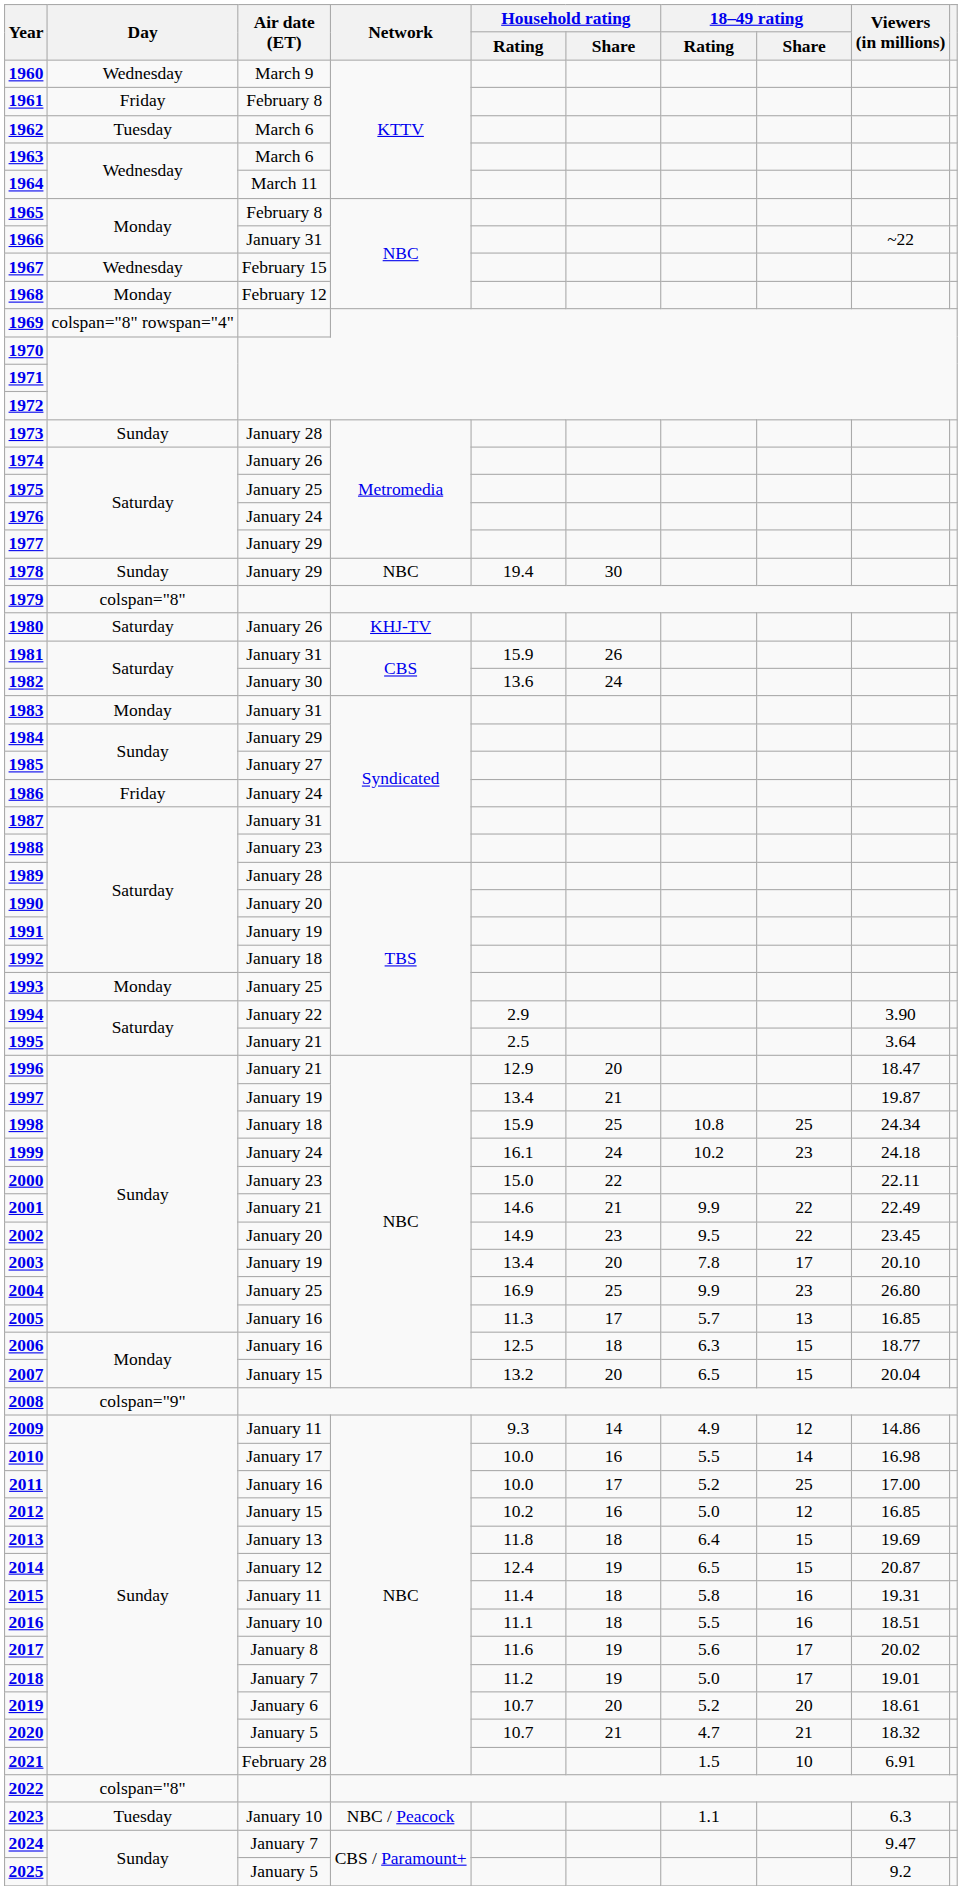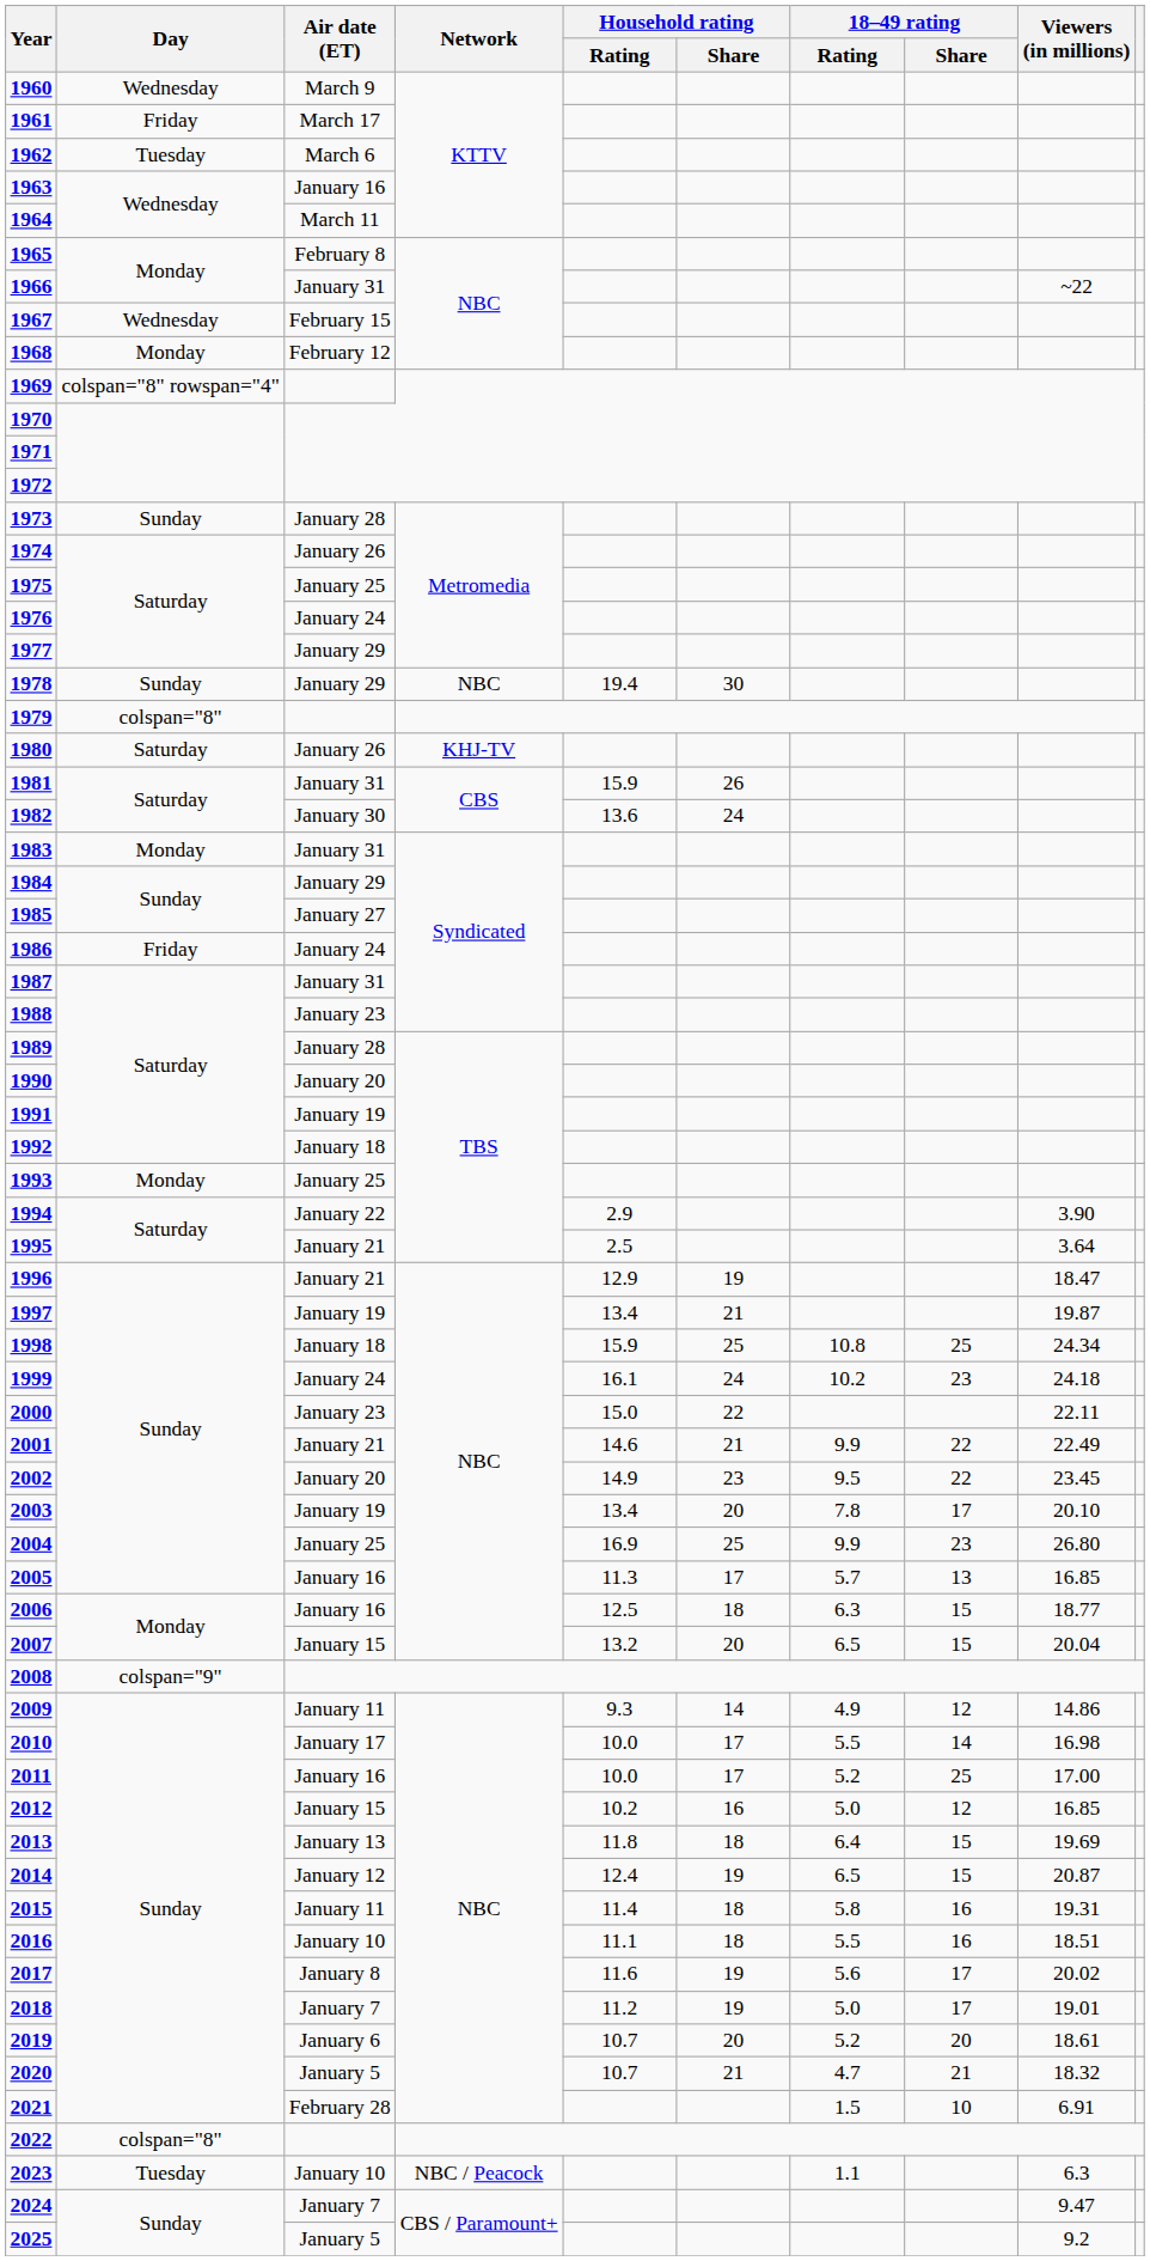 <table class="wikitable sortable" style="text-align: center;">
 <tr>
 <th rowspan="2">Year</th>
 <th rowspan="2">Day</th>
 <th rowspan="2">Air date<br>(ET)</th>
 <th rowspan="2">Network</th>
 <th style="width:20%" colspan="2"><a href='#'>Household rating</a></th>
 <th style="width:20%" colspan="2"><a href='#'>18–49 rating</a></th>
 <th rowspan="2">Viewers<br>(in millions)</th>
 <th rowspan="2"></th>
 </tr>
 <tr>
 <th style="width:10%">Rating</th>
 <th style="width:10%">Share</th>
 <th style="width:10%">Rating</th>
 <th style="width:10%">Share</th>
 </tr>
 <tr>
 <td><strong><a href='#'>1960</a></strong></td>
 <td>Wednesday</td>
 <td>March 9</td>
 <td rowspan="5"><a href='#'>KTTV</a></td>
 <td></td>
 <td></td>
 <td></td>
 <td></td>
 <td></td>
 <td></td>
 </tr>
 <tr>
 <td><strong><a href='#'>1961</a></strong></td>
 <td>Friday</td>
-<td>February 8</td>
+<td>March 17</td>
 <td></td>
 <td></td>
 <td></td>
 <td></td>
 <td></td>
 <td></td>
 </tr>
 <tr>
 <td><strong><a href='#'>1962</a></strong></td>
 <td>Tuesday</td>
 <td>March 6</td>
 <td></td>
 <td></td>
 <td></td>
 <td></td>
 <td></td>
 <td></td>
 </tr>
 <tr>
 <td><strong><a href='#'>1963</a></strong></td>
 <td rowspan="2">Wednesday</td>
-<td>March 6</td>
+<td>January 16</td>
 <td></td>
 <td></td>
 <td></td>
 <td></td>
 <td></td>
 <td></td>
 </tr>
 <tr>
 <td><strong><a href='#'>1964</a></strong></td>
 <td>March 11</td>
 <td></td>
 <td></td>
 <td></td>
 <td></td>
 <td></td>
 <td></td>
 </tr>
 <tr>
 <td><strong><a href='#'>1965</a></strong></td>
 <td rowspan="2">Monday</td>
 <td>February 8</td>
 <td rowspan="4"><a href='#'>NBC</a></td>
 <td></td>
 <td></td>
 <td></td>
 <td></td>
 <td></td>
 <td></td>
 </tr>
 <tr>
 <td><strong><a href='#'>1966</a></strong></td>
 <td>January 31</td>
 <td></td>
 <td></td>
 <td></td>
 <td></td>
 <td>~22</td>
 <td></td>
 </tr>
 <tr>
 <td><strong><a href='#'>1967</a></strong></td>
 <td>Wednesday</td>
 <td>February 15</td>
 <td></td>
 <td></td>
 <td></td>
 <td></td>
 <td></td>
 <td></td>
 </tr>
 <tr>
 <td><strong><a href='#'>1968</a></strong></td>
 <td>Monday</td>
 <td>February 12</td>
 <td></td>
 <td></td>
 <td></td>
 <td></td>
 <td></td>
 <td></td>
 </tr>
 <tr>
 <td><strong><a href='#'>1969</a></strong></td>
 <td>colspan="8" rowspan="4" </td>
 <td></td>
 </tr>
 <tr>
 <td><strong><a href='#'>1970</a></strong></td>
 <td rowspan="3"></td>
 </tr>
 <tr>
 <td><strong><a href='#'>1971</a></strong></td>
 </tr>
 <tr>
 <td><strong><a href='#'>1972</a></strong></td>
 </tr>
 <tr>
 <td><strong><a href='#'>1973</a></strong></td>
 <td>Sunday</td>
 <td>January 28</td>
 <td rowspan="5"><a href='#'>Metromedia</a></td>
 <td></td>
 <td></td>
 <td></td>
 <td></td>
 <td></td>
 <td></td>
 </tr>
 <tr>
 <td><strong><a href='#'>1974</a></strong></td>
 <td rowspan="4">Saturday</td>
 <td>January 26</td>
 <td></td>
 <td></td>
 <td></td>
 <td></td>
 <td></td>
 <td></td>
 </tr>
 <tr>
 <td><strong><a href='#'>1975</a></strong></td>
 <td>January 25</td>
 <td></td>
 <td></td>
 <td></td>
 <td></td>
 <td></td>
 <td></td>
 </tr>
 <tr>
 <td><strong><a href='#'>1976</a></strong></td>
 <td>January 24</td>
 <td></td>
 <td></td>
 <td></td>
 <td></td>
 <td></td>
 <td></td>
 </tr>
 <tr>
 <td><strong><a href='#'>1977</a></strong></td>
 <td>January 29</td>
 <td></td>
 <td></td>
 <td></td>
 <td></td>
 <td></td>
 <td></td>
 </tr>
 <tr>
 <td><strong><a href='#'>1978</a></strong></td>
 <td>Sunday</td>
 <td>January 29</td>
 <td>NBC</td>
 <td>19.4</td>
 <td>30</td>
 <td></td>
 <td></td>
 <td></td>
 <td></td>
 </tr>
 <tr>
 <td><strong><a href='#'>1979</a></strong></td>
 <td>colspan="8" </td>
 <td></td>
 </tr>
 <tr>
 <td><strong><a href='#'>1980</a></strong></td>
 <td>Saturday</td>
 <td>January 26</td>
 <td><a href='#'>KHJ-TV</a></td>
 <td></td>
 <td></td>
 <td></td>
 <td></td>
 <td></td>
 <td></td>
 </tr>
 <tr>
 <td><strong><a href='#'>1981</a></strong></td>
 <td rowspan="2">Saturday</td>
 <td>January 31</td>
 <td rowspan="2"><a href='#'>CBS</a></td>
 <td>15.9</td>
 <td>26</td>
 <td></td>
 <td></td>
 <td></td>
 <td></td>
 </tr>
 <tr>
 <td><strong><a href='#'>1982</a></strong></td>
 <td>January 30</td>
 <td>13.6</td>
 <td>24</td>
 <td></td>
 <td></td>
 <td></td>
 <td></td>
 </tr>
 <tr>
 <td><strong><a href='#'>1983</a></strong></td>
 <td>Monday</td>
 <td>January 31</td>
 <td rowspan="6"><a href='#'>Syndicated</a></td>
 <td></td>
 <td></td>
 <td></td>
 <td></td>
 <td></td>
 <td></td>
 </tr>
 <tr>
 <td><strong><a href='#'>1984</a></strong></td>
 <td rowspan="2">Sunday</td>
 <td>January 29</td>
 <td></td>
 <td></td>
 <td></td>
 <td></td>
 <td></td>
 <td></td>
 </tr>
 <tr>
 <td><strong><a href='#'>1985</a></strong></td>
 <td>January 27</td>
 <td></td>
 <td></td>
 <td></td>
 <td></td>
 <td></td>
 <td></td>
 </tr>
 <tr>
 <td><strong><a href='#'>1986</a></strong></td>
 <td>Friday</td>
 <td>January 24</td>
 <td></td>
 <td></td>
 <td></td>
 <td></td>
 <td></td>
 <td></td>
 </tr>
 <tr>
 <td><strong><a href='#'>1987</a></strong></td>
 <td rowspan="6">Saturday</td>
 <td>January 31</td>
 <td></td>
 <td></td>
 <td></td>
 <td></td>
 <td></td>
 <td></td>
 </tr>
 <tr>
 <td><strong><a href='#'>1988</a></strong></td>
 <td>January 23</td>
 <td></td>
 <td></td>
 <td></td>
 <td></td>
 <td></td>
 <td></td>
 </tr>
 <tr>
 <td><strong><a href='#'>1989</a></strong></td>
 <td>January 28</td>
 <td rowspan="7"><a href='#'>TBS</a></td>
 <td></td>
 <td></td>
 <td></td>
 <td></td>
 <td></td>
 <td></td>
 </tr>
 <tr>
 <td><strong><a href='#'>1990</a></strong></td>
 <td>January 20</td>
 <td></td>
 <td></td>
 <td></td>
 <td></td>
 <td></td>
 <td></td>
 </tr>
 <tr>
 <td><strong><a href='#'>1991</a></strong></td>
 <td>January 19</td>
 <td></td>
 <td></td>
 <td></td>
 <td></td>
 <td></td>
 <td></td>
 </tr>
 <tr>
 <td><strong><a href='#'>1992</a></strong></td>
 <td>January 18</td>
 <td></td>
 <td></td>
 <td></td>
 <td></td>
 <td></td>
 <td></td>
 </tr>
 <tr>
 <td><strong><a href='#'>1993</a></strong></td>
 <td>Monday</td>
 <td>January 25</td>
 <td></td>
 <td></td>
 <td></td>
 <td></td>
 <td></td>
 <td></td>
 </tr>
 <tr>
 <td><strong><a href='#'>1994</a></strong></td>
 <td rowspan="2">Saturday</td>
 <td>January 22</td>
 <td>2.9</td>
 <td></td>
 <td></td>
 <td></td>
 <td>3.90</td>
 <td></td>
 </tr>
 <tr>
 <td><strong><a href='#'>1995</a></strong></td>
 <td>January 21</td>
 <td>2.5</td>
 <td></td>
 <td></td>
 <td></td>
 <td>3.64</td>
 <td></td>
 </tr>
 <tr>
 <td><strong><a href='#'>1996</a></strong></td>
 <td rowspan="10">Sunday</td>
 <td>January 21</td>
 <td rowspan="12">NBC</td>
 <td>12.9</td>
-<td>20</td>
+<td>19</td>
 <td></td>
 <td></td>
 <td>18.47</td>
 <td></td>
 </tr>
 <tr>
 <td><strong><a href='#'>1997</a></strong></td>
 <td>January 19</td>
 <td>13.4</td>
 <td>21</td>
 <td></td>
 <td></td>
 <td>19.87</td>
 <td></td>
 </tr>
 <tr>
 <td><strong><a href='#'>1998</a></strong></td>
 <td>January 18</td>
 <td>15.9</td>
 <td>25</td>
 <td>10.8</td>
 <td>25</td>
 <td>24.34</td>
 <td></td>
 </tr>
 <tr>
 <td><strong><a href='#'>1999</a></strong></td>
 <td>January 24</td>
 <td>16.1</td>
 <td>24</td>
 <td>10.2</td>
 <td>23</td>
 <td>24.18</td>
 <td></td>
 </tr>
 <tr>
 <td><strong><a href='#'>2000</a></strong></td>
 <td>January 23</td>
 <td>15.0</td>
 <td>22</td>
 <td></td>
 <td></td>
 <td>22.11</td>
 <td></td>
 </tr>
 <tr>
 <td><strong><a href='#'>2001</a></strong></td>
 <td>January 21</td>
 <td>14.6</td>
 <td>21</td>
 <td>9.9</td>
 <td>22</td>
 <td>22.49</td>
 <td></td>
 </tr>
 <tr>
 <td><strong><a href='#'>2002</a></strong></td>
 <td>January 20</td>
 <td>14.9</td>
 <td>23</td>
 <td>9.5</td>
 <td>22</td>
 <td>23.45</td>
 <td></td>
 </tr>
 <tr>
 <td><strong><a href='#'>2003</a></strong></td>
 <td>January 19</td>
 <td>13.4</td>
 <td>20</td>
 <td>7.8</td>
 <td>17</td>
 <td>20.10</td>
 <td></td>
 </tr>
 <tr>
 <td><strong><a href='#'>2004</a></strong></td>
 <td>January 25</td>
 <td>16.9</td>
 <td>25</td>
 <td>9.9</td>
 <td>23</td>
 <td>26.80</td>
 <td></td>
 </tr>
 <tr>
 <td><strong><a href='#'>2005</a></strong></td>
 <td>January 16</td>
 <td>11.3</td>
 <td>17</td>
 <td>5.7</td>
 <td>13</td>
 <td>16.85</td>
 <td></td>
 </tr>
 <tr>
 <td><strong><a href='#'>2006</a></strong></td>
 <td rowspan="2">Monday</td>
 <td>January 16</td>
 <td>12.5</td>
 <td>18</td>
 <td>6.3</td>
 <td>15</td>
 <td>18.77</td>
 <td></td>
 </tr>
 <tr>
 <td><strong><a href='#'>2007</a></strong></td>
 <td>January 15</td>
 <td>13.2</td>
 <td>20</td>
 <td>6.5</td>
 <td>15</td>
 <td>20.04</td>
 <td></td>
 </tr>
 <tr>
 <td><strong><a href='#'>2008</a></strong></td>
 <td>colspan="9" </td>
 </tr>
 <tr>
 <td><strong><a href='#'>2009</a></strong></td>
 <td rowspan="13">Sunday</td>
 <td>January 11</td>
 <td rowspan="13">NBC</td>
 <td>9.3</td>
 <td>14</td>
 <td>4.9</td>
 <td>12</td>
 <td>14.86</td>
 <td></td>
 </tr>
 <tr>
 <td><strong><a href='#'>2010</a></strong></td>
 <td>January 17</td>
 <td>10.0</td>
-<td>16</td>
+<td>17</td>
 <td>5.5</td>
 <td>14</td>
 <td>16.98</td>
 <td></td>
 </tr>
 <tr>
 <td><strong><a href='#'>2011</a></strong></td>
 <td>January 16</td>
 <td>10.0</td>
 <td>17</td>
 <td>5.2</td>
 <td>25</td>
 <td>17.00</td>
 <td></td>
 </tr>
 <tr>
 <td><strong><a href='#'>2012</a></strong></td>
 <td>January 15</td>
 <td>10.2</td>
 <td>16</td>
 <td>5.0</td>
 <td>12</td>
 <td>16.85</td>
 <td></td>
 </tr>
 <tr>
 <td><strong><a href='#'>2013</a></strong></td>
 <td>January 13</td>
 <td>11.8</td>
 <td>18</td>
 <td>6.4</td>
 <td>15</td>
 <td>19.69</td>
 <td></td>
 </tr>
 <tr>
 <td><strong><a href='#'>2014</a></strong></td>
 <td>January 12</td>
 <td>12.4</td>
 <td>19</td>
 <td>6.5</td>
 <td>15</td>
 <td>20.87</td>
 <td></td>
 </tr>
 <tr>
 <td><strong><a href='#'>2015</a></strong></td>
 <td>January 11</td>
 <td>11.4</td>
 <td>18</td>
 <td>5.8</td>
 <td>16</td>
 <td>19.31</td>
 <td></td>
 </tr>
 <tr>
 <td><strong><a href='#'>2016</a></strong></td>
 <td>January 10</td>
 <td>11.1</td>
 <td>18</td>
 <td>5.5</td>
 <td>16</td>
 <td>18.51</td>
 <td></td>
 </tr>
 <tr>
 <td><strong><a href='#'>2017</a></strong></td>
 <td>January 8</td>
 <td>11.6</td>
 <td>19</td>
 <td>5.6</td>
 <td>17</td>
 <td>20.02</td>
 <td></td>
 </tr>
 <tr>
 <td><strong><a href='#'>2018</a></strong></td>
 <td>January 7</td>
 <td>11.2</td>
 <td>19</td>
 <td>5.0</td>
 <td>17</td>
 <td>19.01</td>
 <td></td>
 </tr>
 <tr>
 <td><strong><a href='#'>2019</a></strong></td>
 <td>January 6</td>
 <td>10.7</td>
 <td>20</td>
 <td>5.2</td>
 <td>20</td>
 <td>18.61</td>
 <td></td>
 </tr>
 <tr>
 <td><strong><a href='#'>2020</a></strong></td>
 <td>January 5</td>
 <td>10.7</td>
 <td>21</td>
 <td>4.7</td>
 <td>21</td>
 <td>18.32</td>
 <td></td>
 </tr>
 <tr>
 <td><strong><a href='#'>2021</a></strong></td>
 <td>February 28</td>
 <td></td>
 <td></td>
 <td>1.5</td>
 <td>10</td>
 <td>6.91</td>
 <td></td>
 </tr>
 <tr>
 <td><strong><a href='#'>2022</a></strong></td>
 <td>colspan="8" </td>
 <td></td>
 </tr>
 <tr>
 <td><strong><a href='#'>2023</a></strong></td>
 <td>Tuesday</td>
 <td>January 10</td>
 <td>NBC / <a href='#'>Peacock</a></td>
 <td></td>
 <td></td>
 <td>1.1</td>
 <td></td>
 <td>6.3</td>
 <td></td>
 </tr>
 <tr>
 <td><strong><a href='#'>2024</a></strong></td>
 <td rowspan="2">Sunday</td>
 <td>January 7</td>
 <td rowspan="2">CBS / <a href='#'>Paramount+</a></td>
 <td></td>
 <td></td>
 <td></td>
 <td></td>
 <td>9.47</td>
 <td></td>
 </tr>
 <tr>
 <td><strong><a href='#'>2025</a></strong></td>
 <td>January 5</td>
 <td></td>
 <td></td>
 <td></td>
 <td></td>
 <td>9.2</td>
 <td></td>
 </tr>
 </table>
